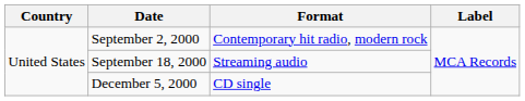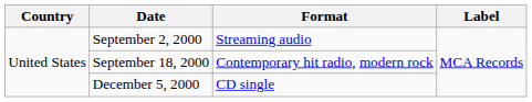 <table class="wikitable plainrowheaders">
 <tr>
 <th scope="col">Country</th>
 <th scope="col">Date</th>
 <th scope="col">Format</th>
 <th scope="col">Label</th>
 </tr>
 <tr>
 <td rowspan="3">United States</td>
 <td>September 2, 2000</td>
-<td><a href='#'>Contemporary hit radio</a>, <a href='#'>modern rock</a></td>
+<td><a href='#'>Streaming audio</a></td>
 <td rowspan="3"><a href='#'>MCA Records</a></td>
 </tr>
 <tr>
 <td>September 18, 2000</td>
-<td><a href='#'>Streaming audio</a></td>
+<td><a href='#'>Contemporary hit radio</a>, <a href='#'>modern rock</a></td>
 </tr>
 <tr>
 <td>December 5, 2000</td>
 <td><a href='#'>CD single</a></td>
 </tr>
 </table>
